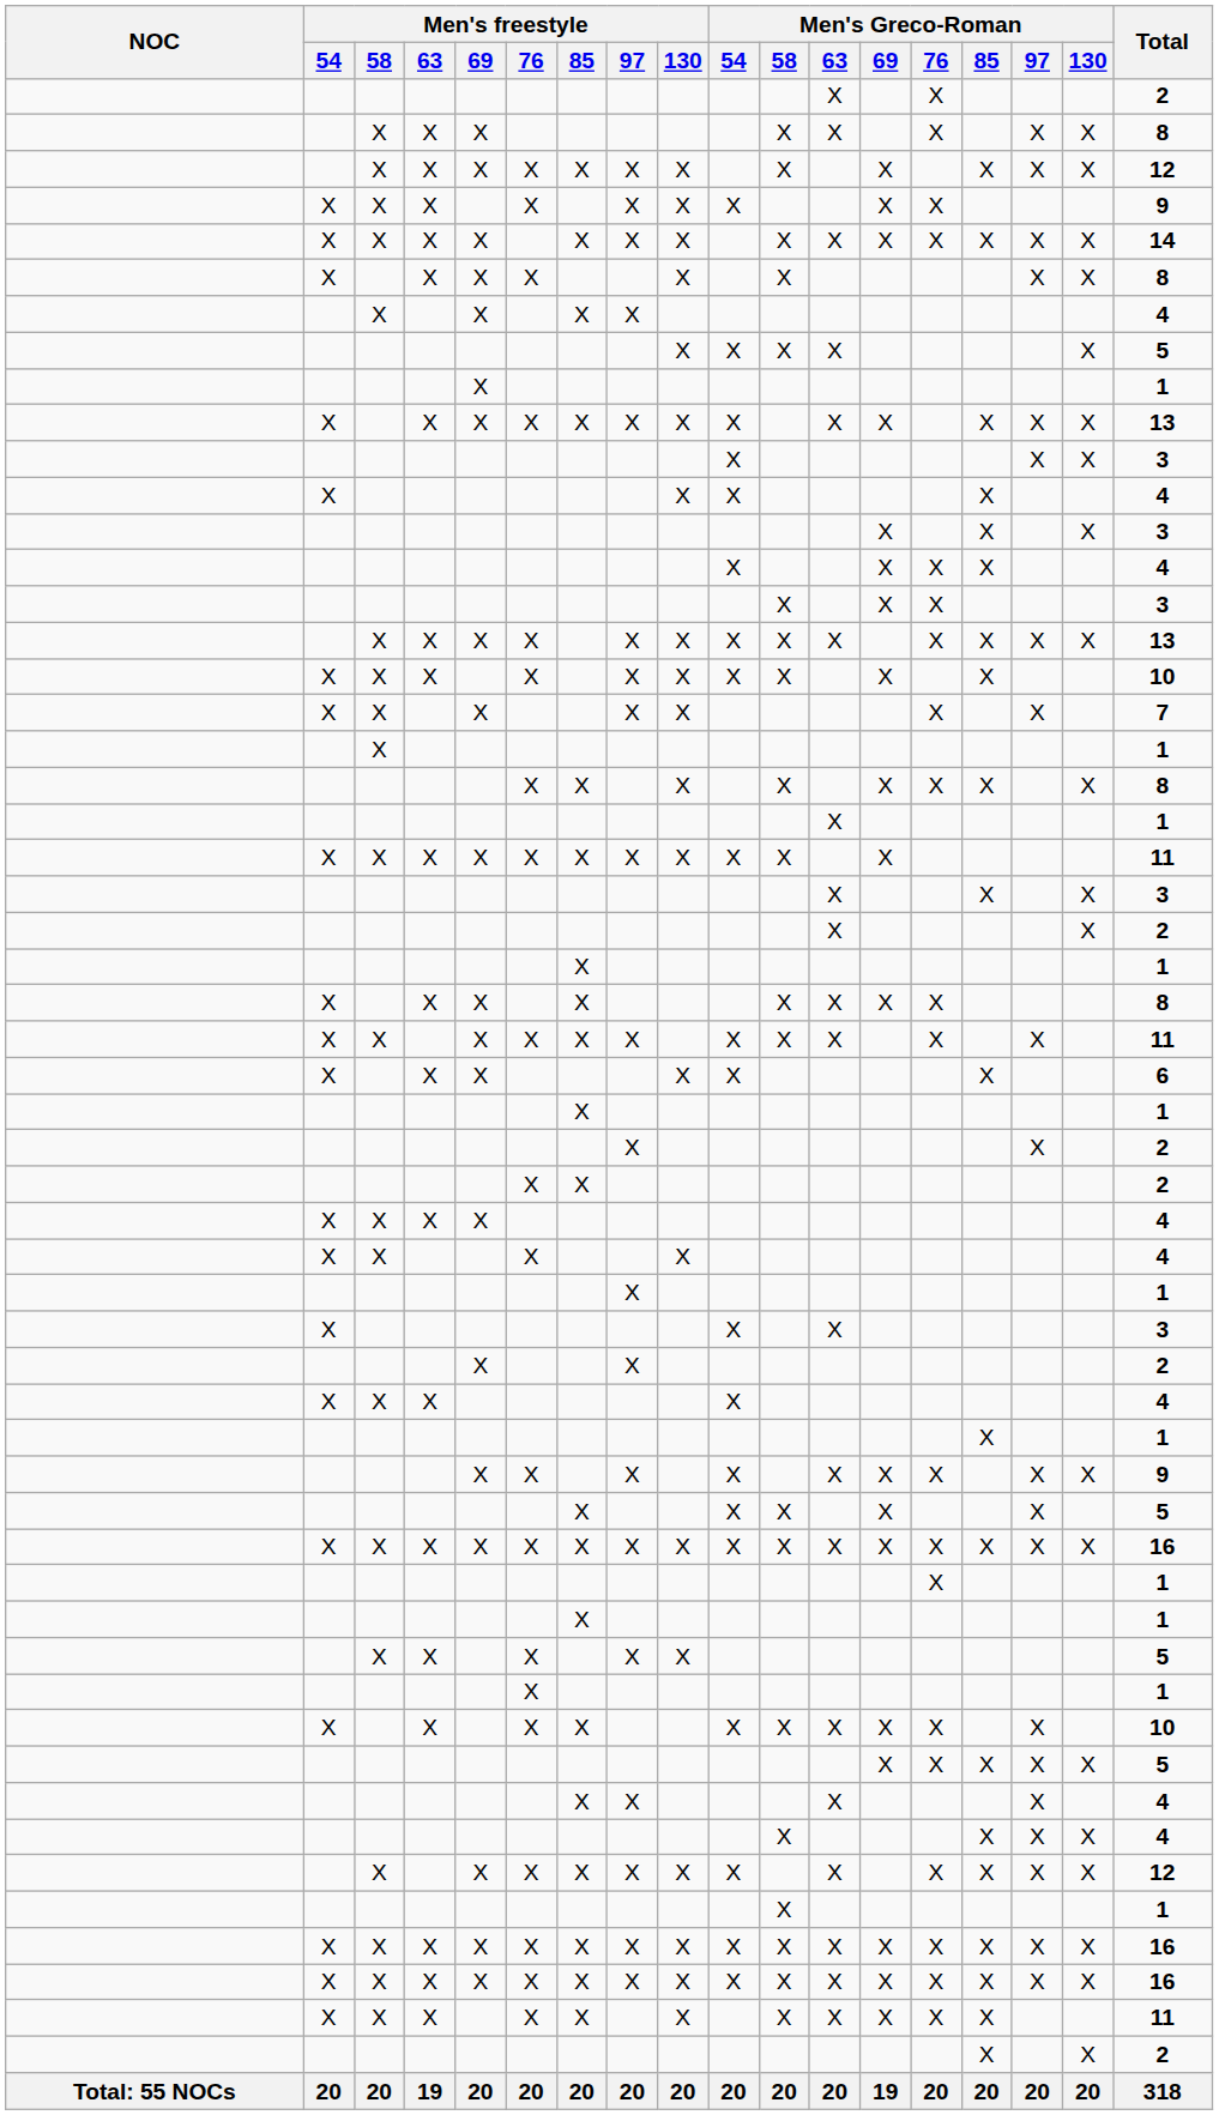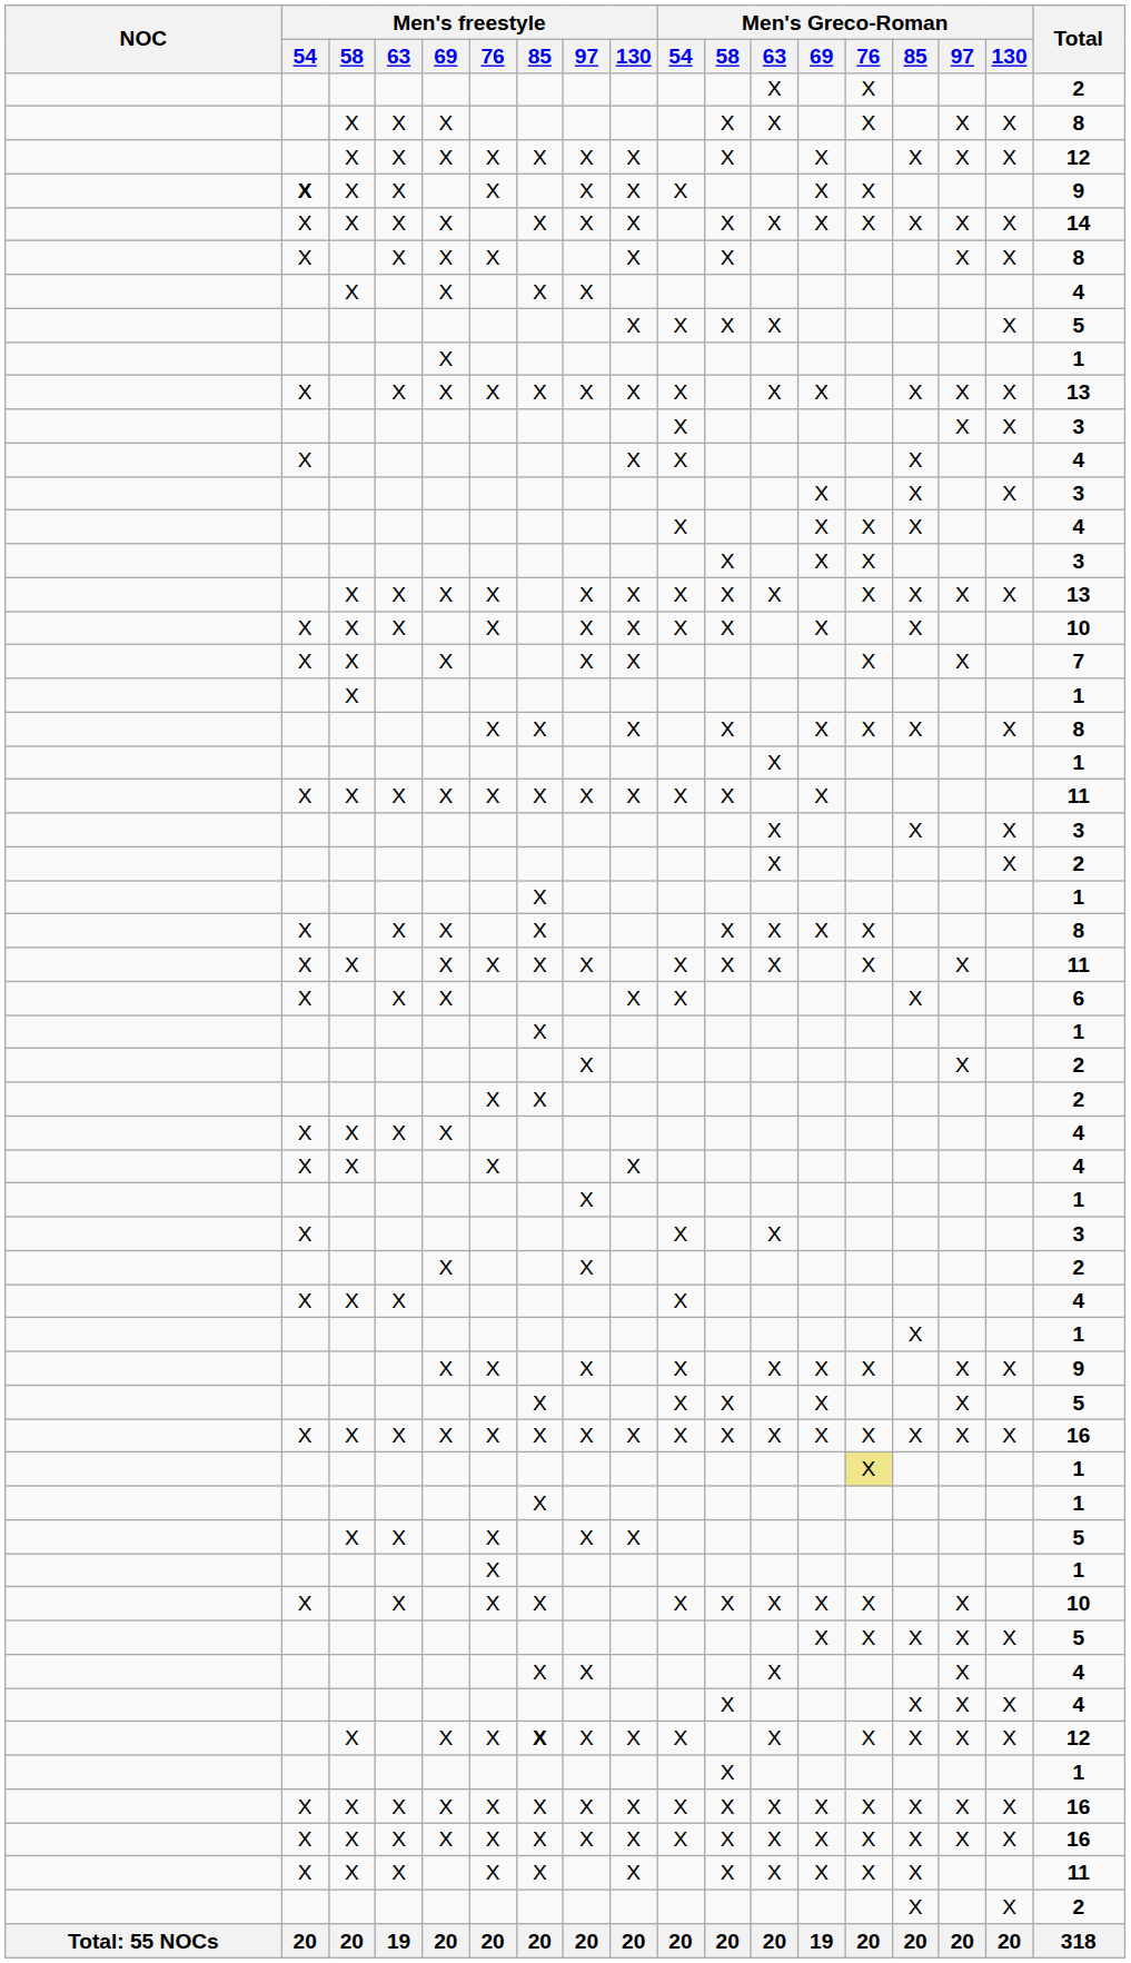 <table class="wikitable" style="text-align:center; font-size:90%">
 <tr>
 <th rowspan="2" width=180 align="left">NOC</th>
 <th colspan="8">Men's freestyle</th>
 <th colspan="8">Men's Greco-Roman</th>
 <th width=55 rowspan="2">Total</th>
 </tr>
 <tr>
 <th width=25><a href='#'>54</a></th>
 <th width=25><a href='#'>58</a></th>
 <th width=25><a href='#'>63</a></th>
 <th width=25><a href='#'>69</a></th>
 <th width=25><a href='#'>76</a></th>
 <th width=25><a href='#'>85</a></th>
 <th width=25><a href='#'>97</a></th>
 <th width=25><a href='#'>130</a></th>
 <th width=25><a href='#'>54</a></th>
 <th width=25><a href='#'>58</a></th>
 <th width=25><a href='#'>63</a></th>
 <th width=25><a href='#'>69</a></th>
 <th width=25><a href='#'>76</a></th>
 <th width=25><a href='#'>85</a></th>
 <th width=25><a href='#'>97</a></th>
 <th width=25><a href='#'>130</a></th>
 </tr>
 <tr>
 <td align=left></td>
 <td></td>
 <td></td>
 <td></td>
 <td></td>
 <td></td>
 <td></td>
 <td></td>
 <td></td>
 <td></td>
 <td></td>
 <td>X</td>
 <td></td>
 <td>X</td>
 <td></td>
 <td></td>
 <td></td>
 <td><strong>2</strong></td>
 </tr>
 <tr>
 <td align=left></td>
 <td></td>
 <td>X</td>
 <td>X</td>
 <td>X</td>
 <td></td>
 <td></td>
 <td></td>
 <td></td>
 <td></td>
 <td>X</td>
 <td>X</td>
 <td></td>
 <td>X</td>
 <td></td>
 <td>X</td>
 <td>X</td>
 <td><strong>8</strong></td>
 </tr>
 <tr>
 <td align=left></td>
 <td></td>
 <td>X</td>
 <td>X</td>
 <td>X</td>
 <td>X</td>
 <td>X</td>
 <td>X</td>
 <td>X</td>
 <td></td>
 <td>X</td>
 <td></td>
 <td>X</td>
 <td></td>
 <td>X</td>
 <td>X</td>
 <td>X</td>
 <td><strong>12</strong></td>
 </tr>
 <tr>
 <td align=left></td>
-<td>X</td>
+<td><strong>X</strong></td>
 <td>X</td>
 <td>X</td>
 <td></td>
 <td>X</td>
 <td></td>
 <td>X</td>
 <td>X</td>
 <td>X</td>
 <td></td>
 <td></td>
 <td>X</td>
 <td>X</td>
 <td></td>
 <td></td>
 <td></td>
 <td><strong>9</strong></td>
 </tr>
 <tr>
 <td align=left></td>
 <td>X</td>
 <td>X</td>
 <td>X</td>
 <td>X</td>
 <td></td>
 <td>X</td>
 <td>X</td>
 <td>X</td>
 <td></td>
 <td>X</td>
 <td>X</td>
 <td>X</td>
 <td>X</td>
 <td>X</td>
 <td>X</td>
 <td>X</td>
 <td><strong>14</strong></td>
 </tr>
 <tr>
 <td align=left></td>
 <td>X</td>
 <td></td>
 <td>X</td>
 <td>X</td>
 <td>X</td>
 <td></td>
 <td></td>
 <td>X</td>
 <td></td>
 <td>X</td>
 <td></td>
 <td></td>
 <td></td>
 <td></td>
 <td>X</td>
 <td>X</td>
 <td><strong>8</strong></td>
 </tr>
 <tr>
 <td align=left></td>
 <td></td>
 <td>X</td>
 <td></td>
 <td>X</td>
 <td></td>
 <td>X</td>
 <td>X</td>
 <td></td>
 <td></td>
 <td></td>
 <td></td>
 <td></td>
 <td></td>
 <td></td>
 <td></td>
 <td></td>
 <td><strong>4</strong></td>
 </tr>
 <tr>
 <td align=left></td>
 <td></td>
 <td></td>
 <td></td>
 <td></td>
 <td></td>
 <td></td>
 <td></td>
 <td>X</td>
 <td>X</td>
 <td>X</td>
 <td>X</td>
 <td></td>
 <td></td>
 <td></td>
 <td></td>
 <td>X</td>
 <td><strong>5</strong></td>
 </tr>
 <tr>
 <td align=left></td>
 <td></td>
 <td></td>
 <td></td>
 <td>X</td>
 <td></td>
 <td></td>
 <td></td>
 <td></td>
 <td></td>
 <td></td>
 <td></td>
 <td></td>
 <td></td>
 <td></td>
 <td></td>
 <td></td>
 <td><strong>1</strong></td>
 </tr>
 <tr>
 <td align=left></td>
 <td>X</td>
 <td></td>
 <td>X</td>
 <td>X</td>
 <td>X</td>
 <td>X</td>
 <td>X</td>
 <td>X</td>
 <td>X</td>
 <td></td>
 <td>X</td>
 <td>X</td>
 <td></td>
 <td>X</td>
 <td>X</td>
 <td>X</td>
 <td><strong>13</strong></td>
 </tr>
 <tr>
 <td align=left></td>
 <td></td>
 <td></td>
 <td></td>
 <td></td>
 <td></td>
 <td></td>
 <td></td>
 <td></td>
 <td>X</td>
 <td></td>
 <td></td>
 <td></td>
 <td></td>
 <td></td>
 <td>X</td>
 <td>X</td>
 <td><strong>3</strong></td>
 </tr>
 <tr>
 <td align=left></td>
 <td>X</td>
 <td></td>
 <td></td>
 <td></td>
 <td></td>
 <td></td>
 <td></td>
 <td>X</td>
 <td>X</td>
 <td></td>
 <td></td>
 <td></td>
 <td></td>
 <td>X</td>
 <td></td>
 <td></td>
 <td><strong>4</strong></td>
 </tr>
 <tr>
 <td align=left></td>
 <td></td>
 <td></td>
 <td></td>
 <td></td>
 <td></td>
 <td></td>
 <td></td>
 <td></td>
 <td></td>
 <td></td>
 <td></td>
 <td>X</td>
 <td></td>
 <td>X</td>
 <td></td>
 <td>X</td>
 <td><strong>3</strong></td>
 </tr>
 <tr>
 <td align=left></td>
 <td></td>
 <td></td>
 <td></td>
 <td></td>
 <td></td>
 <td></td>
 <td></td>
 <td></td>
 <td>X</td>
 <td></td>
 <td></td>
 <td>X</td>
 <td>X</td>
 <td>X</td>
 <td></td>
 <td></td>
 <td><strong>4</strong></td>
 </tr>
 <tr>
 <td align=left></td>
 <td></td>
 <td></td>
 <td></td>
 <td></td>
 <td></td>
 <td></td>
 <td></td>
 <td></td>
 <td></td>
 <td>X</td>
 <td></td>
 <td>X</td>
 <td>X</td>
 <td></td>
 <td></td>
 <td></td>
 <td><strong>3</strong></td>
 </tr>
 <tr>
 <td align=left></td>
 <td></td>
 <td>X</td>
 <td>X</td>
 <td>X</td>
 <td>X</td>
 <td></td>
 <td>X</td>
 <td>X</td>
 <td>X</td>
 <td>X</td>
 <td>X</td>
 <td></td>
 <td>X</td>
 <td>X</td>
 <td>X</td>
 <td>X</td>
 <td><strong>13</strong></td>
 </tr>
 <tr>
 <td align=left></td>
 <td>X</td>
 <td>X</td>
 <td>X</td>
 <td></td>
 <td>X</td>
 <td></td>
 <td>X</td>
 <td>X</td>
 <td>X</td>
 <td>X</td>
 <td></td>
 <td>X</td>
 <td></td>
 <td>X</td>
 <td></td>
 <td></td>
 <td><strong>10</strong></td>
 </tr>
 <tr>
 <td align=left></td>
 <td>X</td>
 <td>X</td>
 <td></td>
 <td>X</td>
 <td></td>
 <td></td>
 <td>X</td>
 <td>X</td>
 <td></td>
 <td></td>
 <td></td>
 <td></td>
 <td>X</td>
 <td></td>
 <td>X</td>
 <td></td>
 <td><strong>7</strong></td>
 </tr>
 <tr>
 <td align=left></td>
 <td></td>
 <td>X</td>
 <td></td>
 <td></td>
 <td></td>
 <td></td>
 <td></td>
 <td></td>
 <td></td>
 <td></td>
 <td></td>
 <td></td>
 <td></td>
 <td></td>
 <td></td>
 <td></td>
 <td><strong>1</strong></td>
 </tr>
 <tr>
 <td align=left></td>
 <td></td>
 <td></td>
 <td></td>
 <td></td>
 <td>X</td>
 <td>X</td>
 <td></td>
 <td>X</td>
 <td></td>
 <td>X</td>
 <td></td>
 <td>X</td>
 <td>X</td>
 <td>X</td>
 <td></td>
 <td>X</td>
 <td><strong>8</strong></td>
 </tr>
 <tr>
 <td align=left></td>
 <td></td>
 <td></td>
 <td></td>
 <td></td>
 <td></td>
 <td></td>
 <td></td>
 <td></td>
 <td></td>
 <td></td>
 <td>X</td>
 <td></td>
 <td></td>
 <td></td>
 <td></td>
 <td></td>
 <td><strong>1</strong></td>
 </tr>
 <tr>
 <td align=left></td>
 <td>X</td>
 <td>X</td>
 <td>X</td>
 <td>X</td>
 <td>X</td>
 <td>X</td>
 <td>X</td>
 <td>X</td>
 <td>X</td>
 <td>X</td>
 <td></td>
 <td>X</td>
 <td></td>
 <td></td>
 <td></td>
 <td></td>
 <td><strong>11</strong></td>
 </tr>
 <tr>
 <td align=left></td>
 <td></td>
 <td></td>
 <td></td>
 <td></td>
 <td></td>
 <td></td>
 <td></td>
 <td></td>
 <td></td>
 <td></td>
 <td>X</td>
 <td></td>
 <td></td>
 <td>X</td>
 <td></td>
 <td>X</td>
 <td><strong>3</strong></td>
 </tr>
 <tr>
 <td align=left></td>
 <td></td>
 <td></td>
 <td></td>
 <td></td>
 <td></td>
 <td></td>
 <td></td>
 <td></td>
 <td></td>
 <td></td>
 <td>X</td>
 <td></td>
 <td></td>
 <td></td>
 <td></td>
 <td>X</td>
 <td><strong>2</strong></td>
 </tr>
 <tr>
 <td align=left></td>
 <td></td>
 <td></td>
 <td></td>
 <td></td>
 <td></td>
 <td>X</td>
 <td></td>
 <td></td>
 <td></td>
 <td></td>
 <td></td>
 <td></td>
 <td></td>
 <td></td>
 <td></td>
 <td></td>
 <td><strong>1</strong></td>
 </tr>
 <tr>
 <td align=left></td>
 <td>X</td>
 <td></td>
 <td>X</td>
 <td>X</td>
 <td></td>
 <td>X</td>
 <td></td>
 <td></td>
 <td></td>
 <td>X</td>
 <td>X</td>
 <td>X</td>
 <td>X</td>
 <td></td>
 <td></td>
 <td></td>
 <td><strong>8</strong></td>
 </tr>
 <tr>
 <td align=left></td>
 <td>X</td>
 <td>X</td>
 <td></td>
 <td>X</td>
 <td>X</td>
 <td>X</td>
 <td>X</td>
 <td></td>
 <td>X</td>
 <td>X</td>
 <td>X</td>
 <td></td>
 <td>X</td>
 <td></td>
 <td>X</td>
 <td></td>
 <td><strong>11</strong></td>
 </tr>
 <tr>
 <td align=left></td>
 <td>X</td>
 <td></td>
 <td>X</td>
 <td>X</td>
 <td></td>
 <td></td>
 <td></td>
 <td>X</td>
 <td>X</td>
 <td></td>
 <td></td>
 <td></td>
 <td></td>
 <td>X</td>
 <td></td>
 <td></td>
 <td><strong>6</strong></td>
 </tr>
 <tr>
 <td align=left></td>
 <td></td>
 <td></td>
 <td></td>
 <td></td>
 <td></td>
 <td>X</td>
 <td></td>
 <td></td>
 <td></td>
 <td></td>
 <td></td>
 <td></td>
 <td></td>
 <td></td>
 <td></td>
 <td></td>
 <td><strong>1</strong></td>
 </tr>
 <tr>
 <td align=left></td>
 <td></td>
 <td></td>
 <td></td>
 <td></td>
 <td></td>
 <td></td>
 <td>X</td>
 <td></td>
 <td></td>
 <td></td>
 <td></td>
 <td></td>
 <td></td>
 <td></td>
 <td>X</td>
 <td></td>
 <td><strong>2</strong></td>
 </tr>
 <tr>
 <td align=left></td>
 <td></td>
 <td></td>
 <td></td>
 <td></td>
 <td>X</td>
 <td>X</td>
 <td></td>
 <td></td>
 <td></td>
 <td></td>
 <td></td>
 <td></td>
 <td></td>
 <td></td>
 <td></td>
 <td></td>
 <td><strong>2</strong></td>
 </tr>
 <tr>
 <td align=left></td>
 <td>X</td>
 <td>X</td>
 <td>X</td>
 <td>X</td>
 <td></td>
 <td></td>
 <td></td>
 <td></td>
 <td></td>
 <td></td>
 <td></td>
 <td></td>
 <td></td>
 <td></td>
 <td></td>
 <td></td>
 <td><strong>4</strong></td>
 </tr>
 <tr>
 <td align=left></td>
 <td>X</td>
 <td>X</td>
 <td></td>
 <td></td>
 <td>X</td>
 <td></td>
 <td></td>
 <td>X</td>
 <td></td>
 <td></td>
 <td></td>
 <td></td>
 <td></td>
 <td></td>
 <td></td>
 <td></td>
 <td><strong>4</strong></td>
 </tr>
 <tr>
 <td align=left></td>
 <td></td>
 <td></td>
 <td></td>
 <td></td>
 <td></td>
 <td></td>
 <td>X</td>
 <td></td>
 <td></td>
 <td></td>
 <td></td>
 <td></td>
 <td></td>
 <td></td>
 <td></td>
 <td></td>
 <td><strong>1</strong></td>
 </tr>
 <tr>
 <td align=left></td>
 <td>X</td>
 <td></td>
 <td></td>
 <td></td>
 <td></td>
 <td></td>
 <td></td>
 <td></td>
 <td>X</td>
 <td></td>
 <td>X</td>
 <td></td>
 <td></td>
 <td></td>
 <td></td>
 <td></td>
 <td><strong>3</strong></td>
 </tr>
 <tr>
 <td align=left></td>
 <td></td>
 <td></td>
 <td></td>
 <td>X</td>
 <td></td>
 <td></td>
 <td>X</td>
 <td></td>
 <td></td>
 <td></td>
 <td></td>
 <td></td>
 <td></td>
 <td></td>
 <td></td>
 <td></td>
 <td><strong>2</strong></td>
 </tr>
 <tr>
 <td align=left></td>
 <td>X</td>
 <td>X</td>
 <td>X</td>
 <td></td>
 <td></td>
 <td></td>
 <td></td>
 <td></td>
 <td>X</td>
 <td></td>
 <td></td>
 <td></td>
 <td></td>
 <td></td>
 <td></td>
 <td></td>
 <td><strong>4</strong></td>
 </tr>
 <tr>
 <td align=left></td>
 <td></td>
 <td></td>
 <td></td>
 <td></td>
 <td></td>
 <td></td>
 <td></td>
 <td></td>
 <td></td>
 <td></td>
 <td></td>
 <td></td>
 <td></td>
 <td>X</td>
 <td></td>
 <td></td>
 <td><strong>1</strong></td>
 </tr>
 <tr>
 <td align=left></td>
 <td></td>
 <td></td>
 <td></td>
 <td>X</td>
 <td>X</td>
 <td></td>
 <td>X</td>
 <td></td>
 <td>X</td>
 <td></td>
 <td>X</td>
 <td>X</td>
 <td>X</td>
 <td></td>
 <td>X</td>
 <td>X</td>
 <td><strong>9</strong></td>
 </tr>
 <tr>
 <td align=left></td>
 <td></td>
 <td></td>
 <td></td>
 <td></td>
 <td></td>
 <td>X</td>
 <td></td>
 <td></td>
 <td>X</td>
 <td>X</td>
 <td></td>
 <td>X</td>
 <td></td>
 <td></td>
 <td>X</td>
 <td></td>
 <td><strong>5</strong></td>
 </tr>
 <tr>
 <td align=left></td>
 <td>X</td>
 <td>X</td>
 <td>X</td>
 <td>X</td>
 <td>X</td>
 <td>X</td>
 <td>X</td>
 <td>X</td>
 <td>X</td>
 <td>X</td>
 <td>X</td>
 <td>X</td>
 <td>X</td>
 <td>X</td>
 <td>X</td>
 <td>X</td>
 <td><strong>16</strong></td>
 </tr>
 <tr>
 <td align=left></td>
 <td></td>
 <td></td>
 <td></td>
 <td></td>
 <td></td>
 <td></td>
 <td></td>
 <td></td>
 <td></td>
 <td></td>
 <td></td>
 <td></td>
-<td>X</td>
+<td style="background: khaki;">X</td>
 <td></td>
 <td></td>
 <td></td>
 <td><strong>1</strong></td>
 </tr>
 <tr>
 <td align=left></td>
 <td></td>
 <td></td>
 <td></td>
 <td></td>
 <td></td>
 <td>X</td>
 <td></td>
 <td></td>
 <td></td>
 <td></td>
 <td></td>
 <td></td>
 <td></td>
 <td></td>
 <td></td>
 <td></td>
 <td><strong>1</strong></td>
 </tr>
 <tr>
 <td align=left></td>
 <td></td>
 <td>X</td>
 <td>X</td>
 <td></td>
 <td>X</td>
 <td></td>
 <td>X</td>
 <td>X</td>
 <td></td>
 <td></td>
 <td></td>
 <td></td>
 <td></td>
 <td></td>
 <td></td>
 <td></td>
 <td><strong>5</strong></td>
 </tr>
 <tr>
 <td align=left></td>
 <td></td>
 <td></td>
 <td></td>
 <td></td>
 <td>X</td>
 <td></td>
 <td></td>
 <td></td>
 <td></td>
 <td></td>
 <td></td>
 <td></td>
 <td></td>
 <td></td>
 <td></td>
 <td></td>
 <td><strong>1</strong></td>
 </tr>
 <tr>
 <td align=left></td>
 <td>X</td>
 <td></td>
 <td>X</td>
 <td></td>
 <td>X</td>
 <td>X</td>
 <td></td>
 <td></td>
 <td>X</td>
 <td>X</td>
 <td>X</td>
 <td>X</td>
 <td>X</td>
 <td></td>
 <td>X</td>
 <td></td>
 <td><strong>10</strong></td>
 </tr>
 <tr>
 <td align=left></td>
 <td></td>
 <td></td>
 <td></td>
 <td></td>
 <td></td>
 <td></td>
 <td></td>
 <td></td>
 <td></td>
 <td></td>
 <td></td>
 <td>X</td>
 <td>X</td>
 <td>X</td>
 <td>X</td>
 <td>X</td>
 <td><strong>5</strong></td>
 </tr>
 <tr>
 <td align=left></td>
 <td></td>
 <td></td>
 <td></td>
 <td></td>
 <td></td>
 <td>X</td>
 <td>X</td>
 <td></td>
 <td></td>
 <td></td>
 <td>X</td>
 <td></td>
 <td></td>
 <td></td>
 <td>X</td>
 <td></td>
 <td><strong>4</strong></td>
 </tr>
 <tr>
 <td align=left></td>
 <td></td>
 <td></td>
 <td></td>
 <td></td>
 <td></td>
 <td></td>
 <td></td>
 <td></td>
 <td></td>
 <td>X</td>
 <td></td>
 <td></td>
 <td></td>
 <td>X</td>
 <td>X</td>
 <td>X</td>
 <td><strong>4</strong></td>
 </tr>
 <tr>
 <td align=left></td>
 <td></td>
 <td>X</td>
 <td></td>
 <td>X</td>
 <td>X</td>
-<td>X</td>
+<td><strong>X</strong></td>
 <td>X</td>
 <td>X</td>
 <td>X</td>
 <td></td>
 <td>X</td>
 <td></td>
 <td>X</td>
 <td>X</td>
 <td>X</td>
 <td>X</td>
 <td><strong>12</strong></td>
 </tr>
 <tr>
 <td align=left></td>
 <td></td>
 <td></td>
 <td></td>
 <td></td>
 <td></td>
 <td></td>
 <td></td>
 <td></td>
 <td></td>
 <td>X</td>
 <td></td>
 <td></td>
 <td></td>
 <td></td>
 <td></td>
 <td></td>
 <td><strong>1</strong></td>
 </tr>
 <tr>
 <td align=left></td>
 <td>X</td>
 <td>X</td>
 <td>X</td>
 <td>X</td>
 <td>X</td>
 <td>X</td>
 <td>X</td>
 <td>X</td>
 <td>X</td>
 <td>X</td>
 <td>X</td>
 <td>X</td>
 <td>X</td>
 <td>X</td>
 <td>X</td>
 <td>X</td>
 <td><strong>16</strong></td>
 </tr>
 <tr>
 <td align=left></td>
 <td>X</td>
 <td>X</td>
 <td>X</td>
 <td>X</td>
 <td>X</td>
 <td>X</td>
 <td>X</td>
 <td>X</td>
 <td>X</td>
 <td>X</td>
 <td>X</td>
 <td>X</td>
 <td>X</td>
 <td>X</td>
 <td>X</td>
 <td>X</td>
 <td><strong>16</strong></td>
 </tr>
 <tr>
 <td align=left></td>
 <td>X</td>
 <td>X</td>
 <td>X</td>
 <td></td>
 <td>X</td>
 <td>X</td>
 <td></td>
 <td>X</td>
 <td></td>
 <td>X</td>
 <td>X</td>
 <td>X</td>
 <td>X</td>
 <td>X</td>
 <td></td>
 <td></td>
 <td><strong>11</strong></td>
 </tr>
 <tr>
 <td align=left></td>
 <td></td>
 <td></td>
 <td></td>
 <td></td>
 <td></td>
 <td></td>
 <td></td>
 <td></td>
 <td></td>
 <td></td>
 <td></td>
 <td></td>
 <td></td>
 <td>X</td>
 <td></td>
 <td>X</td>
 <td><strong>2</strong></td>
 </tr>
 <tr>
 <th>Total: 55 NOCs</th>
 <th>20</th>
 <th>20</th>
 <th>19</th>
 <th>20</th>
 <th>20</th>
 <th>20</th>
 <th>20</th>
 <th>20</th>
 <th>20</th>
 <th>20</th>
 <th>20</th>
 <th>19</th>
 <th>20</th>
 <th>20</th>
 <th>20</th>
 <th>20</th>
 <th>318</th>
 </tr>
 </table>
